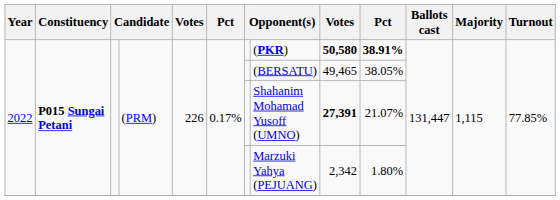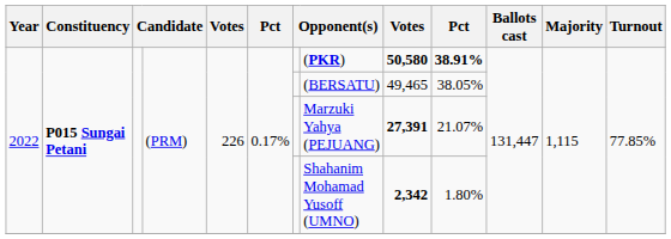 <table class="wikitable" style="margin:0.5em ; font-size:95%">
 <tr>
 <th>Year</th>
 <th>Constituency</th>
 <th colspan=2>Candidate</th>
 <th>Votes</th>
 <th>Pct</th>
 <th colspan=2>Opponent(s)</th>
 <th>Votes</th>
 <th>Pct</th>
 <th>Ballots cast</th>
 <th>Majority</th>
 <th>Turnout</th>
 </tr>
 <tr>
 <td rowspan=4><a href='#'>2022</a></td>
 <td rowspan=4><strong>P015 <a href='#'>Sungai Petani</a></strong></td>
 <td rowspan=4 bgcolor=></td>
 <td rowspan=4> (<a href='#'>PRM</a>)</td>
 <td rowspan=4 align=right>226</td>
 <td rowspan=4 align=right>0.17%</td>
 <td></td>
 <td> (<a href='#'><strong>PKR</strong></a>)</td>
 <td align=right><strong>50,580</strong></td>
 <td><strong>38.91%</strong></td>
 <td rowspan=4>131,447</td>
 <td rowspan=4>1,115</td>
 <td rowspan=4>77.85%</td>
 </tr>
 <tr>
 <td bgcolor=></td>
 <td> (<a href='#'>BERSATU</a>)</td>
 <td align="right">49,465</td>
 <td align="right">38.05%</td>
 </tr>
 <tr>
 <td></td>
-<td><a href='#'>Shahanim Mohamad Yusoff</a> (<a href='#'>UMNO</a>)</td>
+<td><a href='#'>Marzuki Yahya</a> (<a href='#'>PEJUANG</a>)</td>
 <td align="right"><strong>27,391</strong></td>
 <td align="right">21.07%</td>
 </tr>
 <tr>
 <td></td>
-<td><a href='#'>Marzuki Yahya</a> (<a href='#'>PEJUANG</a>)</td>
-<td align="right">2,342</td>
+<td><a href='#'>Shahanim Mohamad Yusoff</a> (<a href='#'>UMNO</a>)</td>
+<td align="right"><strong>2,342</strong></td>
 <td align="right">1.80%</td>
 </tr>
 <tr>
 </tr>
 </table>
